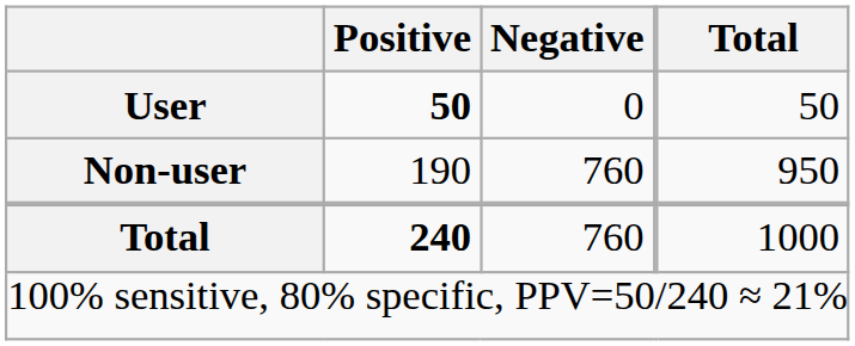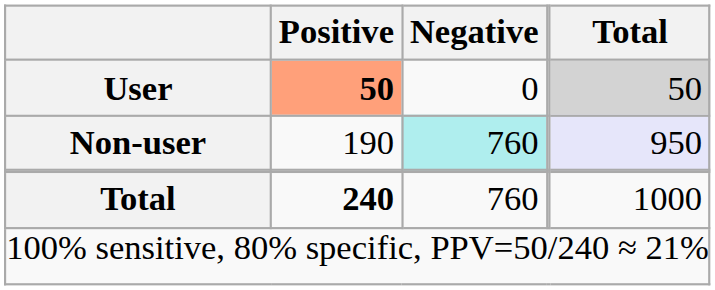 <table class="wikitable" style="display:inline-table;">
 <tr>
 <th></th>
 <th style="width:5ex;">Positive</th>
 <th style="width:5ex;">Negative</th>
 <th rowspan="5" style="padding:0;"></th>
 <th>Total</th>
 </tr>
 <tr>
 <th>User</th>
-<td style="text-align:right"><strong>50</strong></td>
+<td style="background: lightsalmon; text-align:right"><strong>50</strong></td>
 <td style="text-align:right">0</td>
-<td style="text-align:right">50</td>
+<td style="background: lightgrey; text-align:right">50</td>
 </tr>
 <tr>
 <th>Non-user</th>
 <td style="text-align:right">190</td>
-<td style="text-align:right">760</td>
-<td style="text-align:right">950</td>
+<td style="background: paleturquoise; text-align:right">760</td>
+<td style="background: lavender; text-align:right">950</td>
 </tr>
 <tr>
 <td colspan="5" style="padding:0;"></td>
 </tr>
 <tr>
 <th>Total</th>
 <td style="text-align:right"><strong>240</strong></td>
 <td style="text-align:right">760</td>
 <td style="text-align:right">1000</td>
 </tr>
 <tr>
 <td colspan="5" style="padding:0 0 1ex 0;border:none;background:transparent;">100% sensitive, 80% specific, PPV=50/240 ≈ 21%</td>
 </tr>
 </table>
